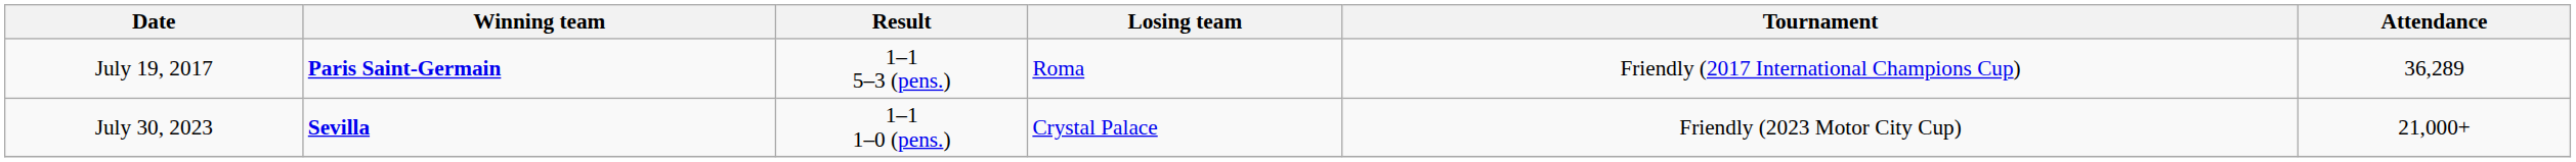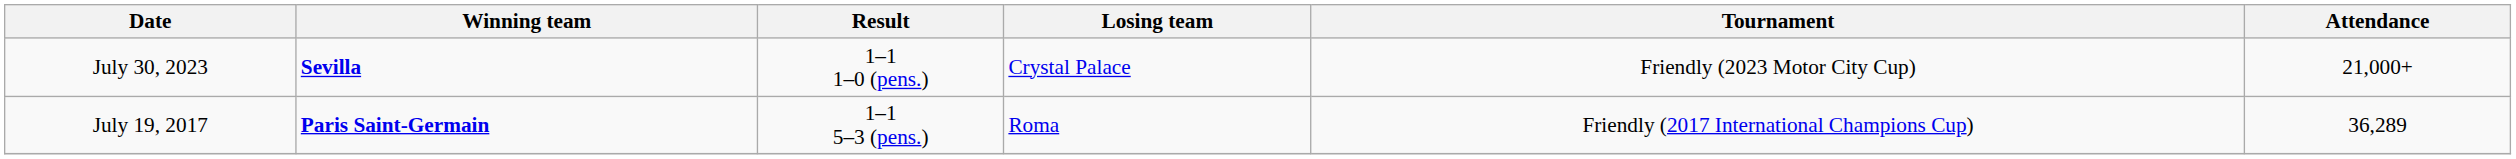 <table class="wikitable" style="text-align:left; width:95%;" style="text-align:center">
 <tr>
 <th style="text-align:center; ">Date</th>
 <th style="text-align:center; ">Winning team</th>
 <th style="text-align:center; ">Result</th>
 <th style="text-align:center; ">Losing team</th>
 <th style="text-align:center; ">Tournament</th>
 <th style="text-align:center; ">Attendance</th>
 </tr>
 <tr>
+<td style="text-align:center;">July 30, 2023</td>
+<td> <strong><a href='#'>Sevilla</a></strong></td>
+<td style="text-align:center;">1–1<br>1–0 (<a href='#'>pens.</a>)</td>
+<td> <a href='#'>Crystal Palace</a></td>
+<td style="text-align:center;">Friendly (2023 Motor City Cup)</td>
+<td style="text-align:center;">21,000+</td>
+</tr>
+<tr>
 <td style="text-align:center;">July 19, 2017</td>
 <td><strong> <a href='#'>Paris Saint-Germain</a></strong></td>
 <td style="text-align:center;">1–1<br>5–3 (<a href='#'>pens.</a>)</td>
 <td> <a href='#'>Roma</a></td>
 <td style="text-align:center;">Friendly (<a href='#'>2017 International Champions Cup</a>)</td>
 <td style="text-align:center;">36,289</td>
 </tr>
 <tr>
-<td style="text-align:center;">July 30, 2023</td>
-<td> <strong><a href='#'>Sevilla</a></strong></td>
-<td style="text-align:center;">1–1<br>1–0 (<a href='#'>pens.</a>)</td>
-<td> <a href='#'>Crystal Palace</a></td>
-<td style="text-align:center;">Friendly (2023 Motor City Cup)</td>
-<td style="text-align:center;">21,000+</td>
-</tr>
-<tr>
 </tr>
 </table>
